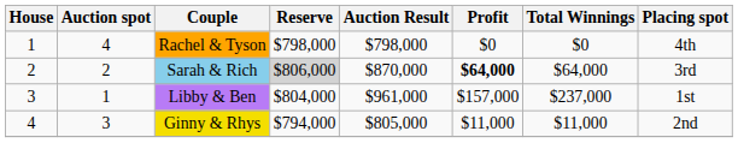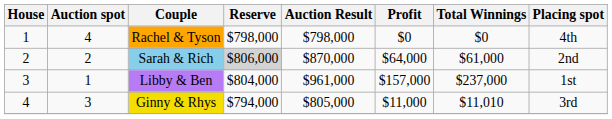 <table class="wikitable" style="text-align: center" |>
 <tr>
 <th>House</th>
 <th>Auction spot</th>
 <th>Couple</th>
 <th>Reserve</th>
 <th>Auction Result</th>
 <th>Profit</th>
 <th>Total Winnings</th>
 <th>Placing spot</th>
 </tr>
 <tr>
 <td>1</td>
 <td>4</td>
 <td style="background:orange;">Rachel & Tyson</td>
 <td>$798,000</td>
 <td>$798,000</td>
 <td>$0</td>
 <td>$0</td>
 <td>4th</td>
 </tr>
 <tr>
 <td>2</td>
 <td>2</td>
 <td style='background:SkyBlue;'>Sarah & Rich</td>
 <td style="background: lightgrey;">$806,000</td>
 <td>$870,000</td>
-<td><strong>$64,000</strong></td>
 <td>$64,000</td>
-<td>3rd</td>
+<td>$61,000</td>
+<td>2nd</td>
 </tr>
 <tr>
 <td>3</td>
 <td>1</td>
 <td style='background:#B87BF6;'>Libby & Ben</td>
 <td>$804,000</td>
 <td>$961,000</td>
 <td>$157,000</td>
 <td>$237,000</td>
 <td>1st</td>
 </tr>
 <tr>
 <td>4</td>
 <td>3</td>
 <td style='background:#f4de00;'>Ginny & Rhys</td>
 <td>$794,000</td>
 <td>$805,000</td>
 <td>$11,000</td>
-<td>$11,000</td>
-<td>2nd</td>
+<td>$11,010</td>
+<td>3rd</td>
 </tr>
 <tr>
 </tr>
 </table>
